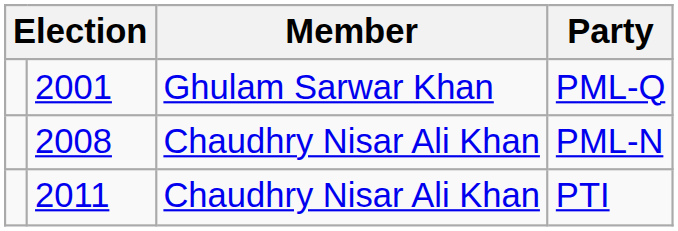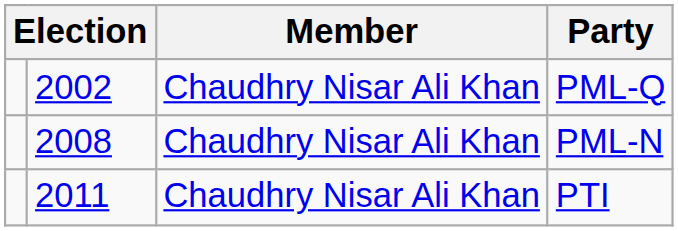 <table class="wikitable">
 <tr>
 <th colspan="2">Election</th>
 <th>Member</th>
 <th>Party</th>
 </tr>
 <tr>
 <td style="background-color: "></td>
-<td><a href='#'>2001</a></td>
-<td><a href='#'>Ghulam Sarwar Khan</a></td>
+<td><a href='#'>2002</a></td>
+<td><a href='#'>Chaudhry Nisar Ali Khan</a></td>
 <td><a href='#'>PML-Q</a></td>
 </tr>
 <tr>
 <td style="background-color: "></td>
 <td><a href='#'>2008</a></td>
 <td><a href='#'>Chaudhry Nisar Ali Khan</a></td>
 <td><a href='#'>PML-N</a></td>
 </tr>
 <tr>
 <td style="background-color: "></td>
 <td><a href='#'>2011</a></td>
 <td><a href='#'>Chaudhry Nisar Ali Khan</a></td>
 <td><a href='#'>PTI</a></td>
 </tr>
 </table>
